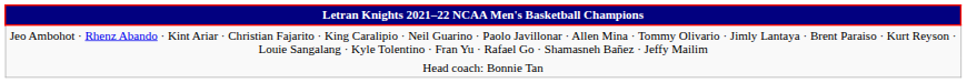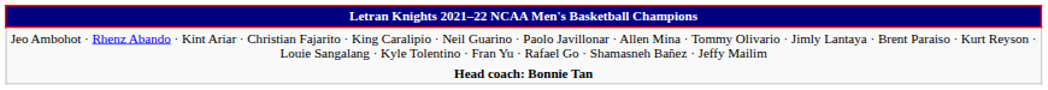 <table class="wikitable" style="text-align: center">
 <tr>
 <th style = "background:#020080; border:2px solid red; color:white">Letran Knights 2021–22 NCAA Men's Basketball Champions</th>
 </tr>
 <tr>
 <td style="border-style: none none none none;">Jeo Ambohot · <a href='#'>Rhenz Abando</a> · Kint Ariar · Christian Fajarito · King Caralipio · Neil Guarino · Paolo Javillonar · Allen Mina · Tommy Olivario · Jimly Lantaya · Brent Paraiso · Kurt Reyson · Louie Sangalang · Kyle Tolentino · Fran Yu · Rafael Go · Shamasneh Bañez · Jeffy Mailim</td>
 </tr>
 <tr>
-<td style="border-style: none none none none;">Head coach: Bonnie Tan</td>
+<td style="border-style: none none none none;"><strong>Head coach: Bonnie Tan</strong></td>
 </tr>
 </table>
